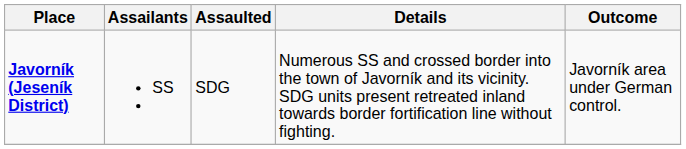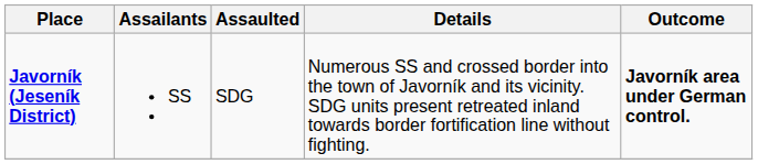 <table class="wikitable sortable" style="font-size:90%;">
 <tr>
 <th>Place</th>
 <th>Assailants</th>
 <th>Assaulted</th>
 <th>Details</th>
 <th>Outcome</th>
 </tr>
 <tr>
 <td><strong><a href='#'>Javorník (Jeseník District)</a></strong></td>
 <td><br><ul><li>SS</li><li></li></ul></td>
 <td>SDG</td>
 <td><br>Numerous SS and  crossed border into the town of Javorník and its vicinity. SDG units present retreated inland towards border fortification line without fighting.</td>
-<td>Javorník area under German control.</td>
+<td><strong>Javorník area under German control.</strong></td>
 </tr>
 <tr>
 </tr>
 </table>
